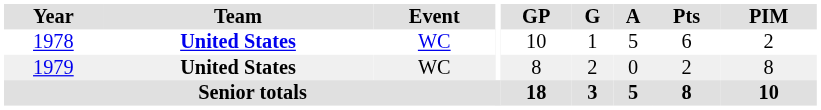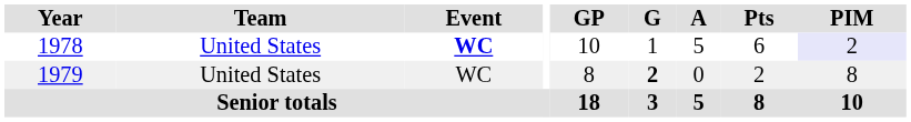 <table border="0" cellpadding="1" cellspacing="0" ID="Table3" style="text-align:center; width:40em">
 <tr bgcolor="#e0e0e0">
 <th>Year</th>
 <th>Team</th>
 <th>Event</th>
 <th rowspan="102" bgcolor="#ffffff"></th>
 <th>GP</th>
 <th>G</th>
 <th>A</th>
 <th>Pts</th>
 <th>PIM</th>
 </tr>
 <tr>
 <td><a href='#'>1978</a></td>
-<td><strong><a href='#'>United States</a></strong></td>
-<td><a href='#'>WC</a></td>
+<td><a href='#'>United States</a></td>
+<td><strong><a href='#'>WC</a></strong></td>
 <td>10</td>
 <td>1</td>
 <td>5</td>
 <td>6</td>
-<td>2</td>
+<td style="background: lavender;">2</td>
 </tr>
 <tr bgcolor="#f0f0f0">
 <td><a href='#'>1979</a></td>
-<td><strong>United States</strong></td>
+<td>United States</td>
 <td>WC</td>
 <td>8</td>
-<td>2</td>
+<td><strong>2</strong></td>
 <td>0</td>
 <td>2</td>
 <td>8</td>
 </tr>
 <tr bgcolor="#e0e0e0">
 <th colspan="4">Senior totals</th>
 <th>18</th>
 <th>3</th>
 <th>5</th>
 <th>8</th>
 <th>10</th>
 </tr>
 </table>
